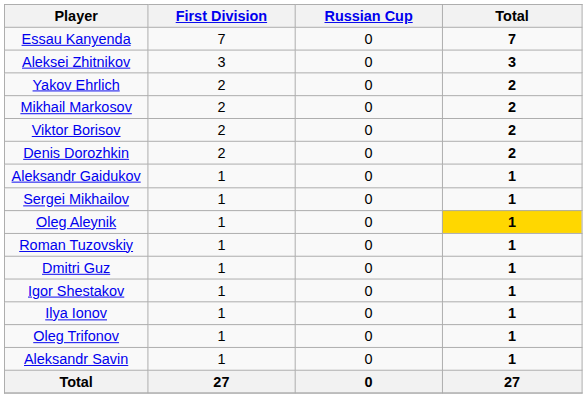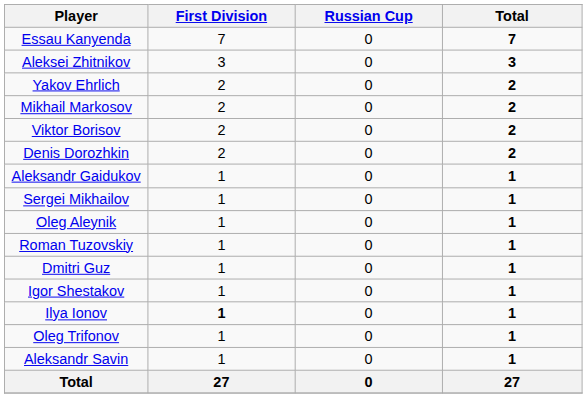 <table class="wikitable sortable" style="text-align:center; font-size:95%">
 <tr>
 <th width=180px>Player</th>
 <th width=192px><a href='#'>First Division</a></th>
 <th width=192px><a href='#'>Russian Cup</a></th>
 <th width=192px>Total</th>
 </tr>
 <tr>
 <td><a href='#'>Essau Kanyenda</a></td>
 <td>7</td>
 <td>0</td>
 <td><strong>7</strong></td>
 </tr>
 <tr>
 <td><a href='#'>Aleksei Zhitnikov</a></td>
 <td>3</td>
 <td>0</td>
 <td><strong>3</strong></td>
 </tr>
 <tr>
 <td><a href='#'>Yakov Ehrlich</a></td>
 <td>2</td>
 <td>0</td>
 <td><strong>2</strong></td>
 </tr>
 <tr>
 <td><a href='#'>Mikhail Markosov</a></td>
 <td>2</td>
 <td>0</td>
 <td><strong>2</strong></td>
 </tr>
 <tr>
 <td><a href='#'>Viktor Borisov</a></td>
 <td>2</td>
 <td>0</td>
 <td><strong>2</strong></td>
 </tr>
 <tr>
 <td><a href='#'>Denis Dorozhkin</a></td>
 <td>2</td>
 <td>0</td>
 <td><strong>2</strong></td>
 </tr>
 <tr>
 <td><a href='#'>Aleksandr Gaidukov</a></td>
 <td>1</td>
 <td>0</td>
 <td><strong>1</strong></td>
 </tr>
 <tr>
 <td><a href='#'>Sergei Mikhailov</a></td>
 <td>1</td>
 <td>0</td>
 <td><strong>1</strong></td>
 </tr>
 <tr>
 <td><a href='#'>Oleg Aleynik</a></td>
 <td>1</td>
 <td>0</td>
-<td style="background: gold;"><strong>1</strong></td>
+<td><strong>1</strong></td>
 </tr>
 <tr>
 <td><a href='#'>Roman Tuzovskiy</a></td>
 <td>1</td>
 <td>0</td>
 <td><strong>1</strong></td>
 </tr>
 <tr>
 <td><a href='#'>Dmitri Guz</a></td>
 <td>1</td>
 <td>0</td>
 <td><strong>1</strong></td>
 </tr>
 <tr>
 <td><a href='#'>Igor Shestakov</a></td>
 <td>1</td>
 <td>0</td>
 <td><strong>1</strong></td>
 </tr>
 <tr>
 <td><a href='#'>Ilya Ionov</a></td>
-<td>1</td>
+<td><strong>1</strong></td>
 <td>0</td>
 <td><strong>1</strong></td>
 </tr>
 <tr>
 <td><a href='#'>Oleg Trifonov</a></td>
 <td>1</td>
 <td>0</td>
 <td><strong>1</strong></td>
 </tr>
 <tr>
 <td><a href='#'>Aleksandr Savin</a></td>
 <td>1</td>
 <td>0</td>
 <td><strong>1</strong></td>
 </tr>
 <tr class="sortbottom">
 <th>Total</th>
 <th>27</th>
 <th>0</th>
 <th>27</th>
 </tr>
 <tr>
 </tr>
 </table>
